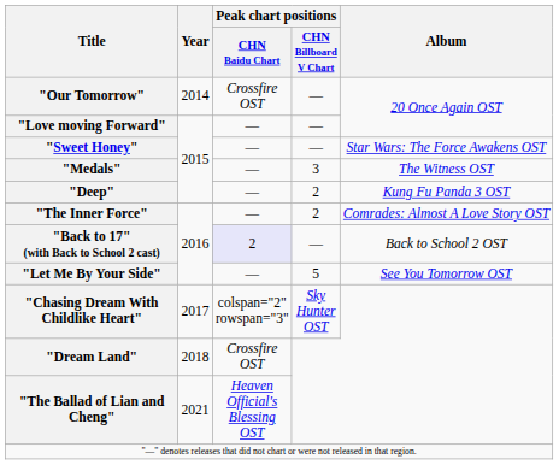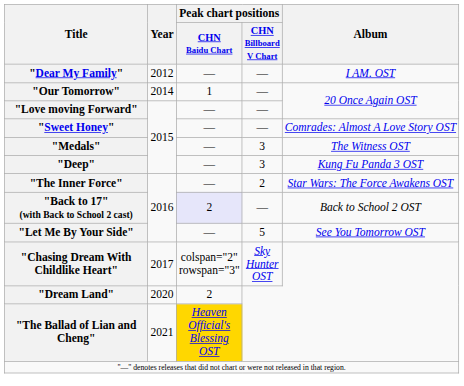 <table class="wikitable plainrowheaders" style="text-align:center;">
 <tr>
 <th rowspan="2" scope="col" style="width:12em;">Title</th>
 <th rowspan="2" scope="col">Year</th>
 <th colspan="2" scope="col">Peak chart positions</th>
 <th rowspan="2" scope="col">Album</th>
 </tr>
 <tr>
 <th scope="col" style="width:3em;font-size:90%;"><a href='#'>CHN<br><small>Baidu Chart</small></a><br></th>
 <th scope="col" style="width:3em;font-size:90%;"><a href='#'>CHN<br><small>Billboard V Chart</small></a><br></th>
 </tr>
 <tr>
+<th scope="row">"<a href='#'>Dear My Family</a>"<br></th>
+<td>2012</td>
+<td>—</td>
+<td>—</td>
+<td><em><a href='#'>I AM. OST</a></em></td>
+</tr>
+<tr>
 <th scope="row">"Our Tomorrow"</th>
 <td>2014</td>
-<td><em>Crossfire OST</em></td>
+<td>1</td>
 <td>—</td>
 <td rowspan="2"><em><a href='#'>20 Once Again OST</a></em></td>
 </tr>
 <tr>
 <th scope="row">"Love moving Forward"</th>
 <td rowspan="4">2015</td>
 <td>—</td>
 <td>—</td>
 </tr>
 <tr>
 <th scope="row">"<a href='#'>Sweet Honey</a>"</th>
 <td>—</td>
 <td>—</td>
-<td><em><a href='#'>Star Wars: The Force Awakens OST</a></em></td>
+<td><em><a href='#'>Comrades: Almost A Love Story OST</a></em></td>
 </tr>
 <tr>
 <th scope="row">"Medals"</th>
 <td>—</td>
 <td>3</td>
 <td><em><a href='#'>The Witness OST</a></em></td>
 </tr>
 <tr>
 <th scope="row">"Deep"</th>
 <td>—</td>
-<td>2</td>
+<td>3</td>
 <td><em><a href='#'>Kung Fu Panda 3 OST</a></em></td>
 </tr>
 <tr>
 <th scope="row">"The Inner Force"</th>
 <td rowspan="3">2016</td>
 <td>—</td>
 <td>2</td>
-<td><em><a href='#'>Comrades: Almost A Love Story OST</a></em></td>
+<td><em><a href='#'>Star Wars: The Force Awakens OST</a></em></td>
 </tr>
 <tr>
 <th scope="row">"Back to 17"<br><small>(with Back to School 2 cast)</small></th>
 <td style="background: lavender;">2</td>
 <td>—</td>
 <td><em>Back to School 2 OST</em></td>
 </tr>
 <tr>
 <th scope="row">"Let Me By Your Side"</th>
 <td>—</td>
 <td>5</td>
 <td><em><a href='#'>See You Tomorrow OST</a></em></td>
 </tr>
 <tr>
 <th scope="row">"Chasing Dream With Childlike Heart"</th>
 <td>2017</td>
 <td>colspan="2" rowspan="3" </td>
 <td><em><a href='#'>Sky Hunter OST</a></em></td>
 </tr>
 <tr>
 <th scope="row">"Dream Land"</th>
-<td>2018</td>
-<td><em>Crossfire OST</em></td>
+<td>2020</td>
+<td>2</td>
 </tr>
 <tr>
 <th scope="row">"The Ballad of Lian and Cheng"</th>
 <td>2021</td>
-<td><em><a href='#'>Heaven Official's Blessing OST</a></em></td>
+<td style="background: gold;"><em><a href='#'>Heaven Official's Blessing OST</a></em></td>
 </tr>
 <tr>
 <td colspan="5" style="text-align:center; font-size:8pt;">"—" denotes releases that did not chart or were not released in that region.</td>
 </tr>
 </table>
